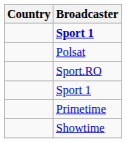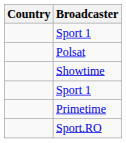 <table class="wikitable">
 <tr>
 <th align=center>Country</th>
 <th align=center>Broadcaster</th>
 </tr>
 <tr>
 <td></td>
-<td><strong><a href='#'>Sport 1</a></strong></td>
+<td><a href='#'>Sport 1</a></td>
 </tr>
 <tr>
 <td></td>
 <td><a href='#'>Polsat</a></td>
 </tr>
 <tr>
 <td></td>
-<td><a href='#'>Sport.RO</a></td>
+<td><a href='#'>Showtime</a></td>
 </tr>
 <tr>
 <td></td>
 <td><a href='#'>Sport 1</a></td>
 </tr>
 <tr>
 <td></td>
 <td><a href='#'>Primetime</a></td>
 </tr>
 <tr>
 <td></td>
-<td><a href='#'>Showtime</a></td>
+<td><a href='#'>Sport.RO</a></td>
 </tr>
 </table>
